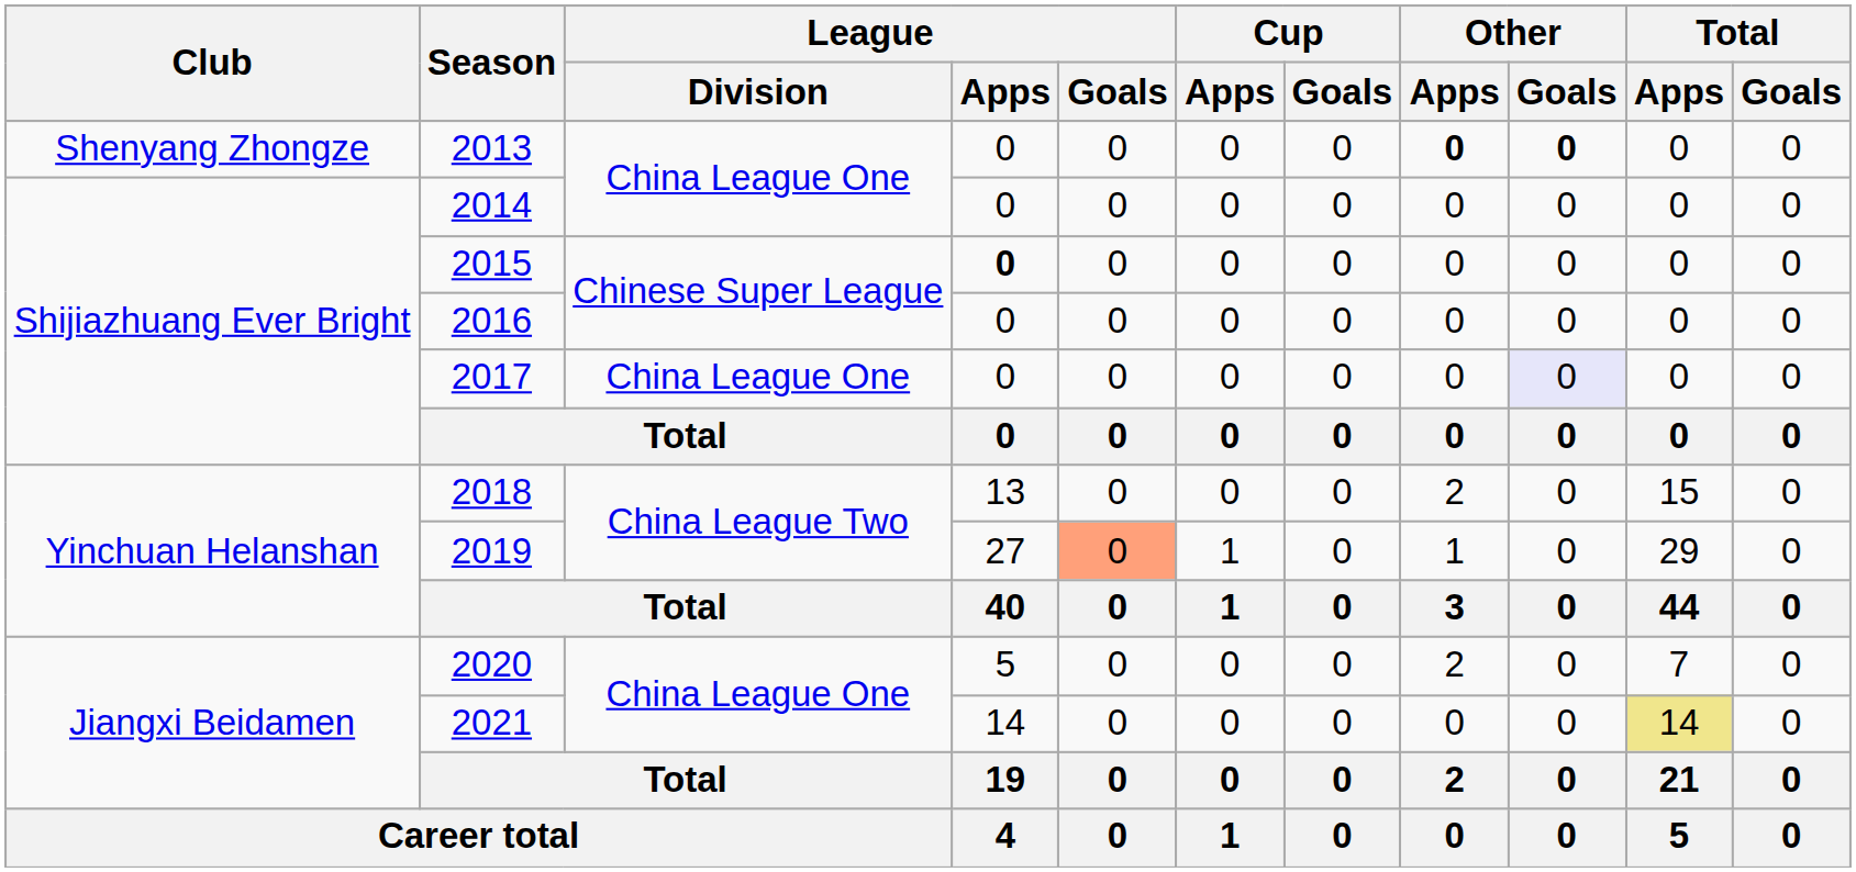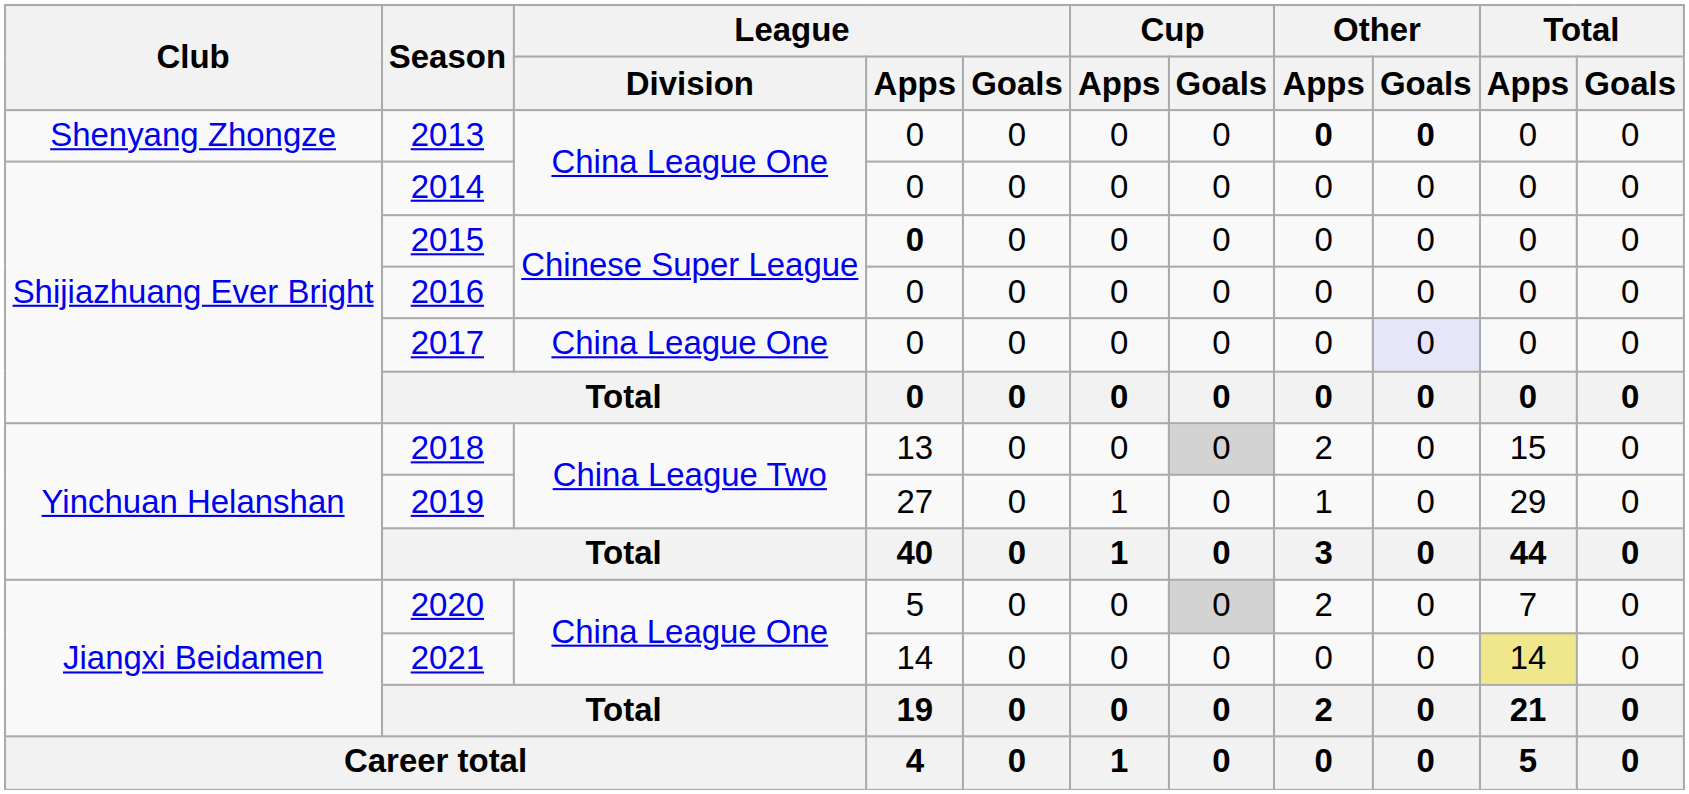 <table class="wikitable" style="text-align: center">
 <tr>
 <th rowspan="2">Club</th>
 <th rowspan="2">Season</th>
 <th colspan="3">League</th>
 <th colspan="2">Cup</th>
 <th colspan="2">Other</th>
 <th colspan="2">Total</th>
 </tr>
 <tr>
 <th>Division</th>
 <th>Apps</th>
 <th>Goals</th>
 <th>Apps</th>
 <th>Goals</th>
 <th>Apps</th>
 <th>Goals</th>
 <th>Apps</th>
 <th>Goals</th>
 </tr>
 <tr>
 <td><a href='#'>Shenyang Zhongze</a></td>
 <td><a href='#'>2013</a></td>
 <td rowspan="2"><a href='#'>China League One</a></td>
 <td>0</td>
 <td>0</td>
 <td>0</td>
 <td>0</td>
 <td><strong>0</strong></td>
 <td><strong>0</strong></td>
 <td>0</td>
 <td>0</td>
 </tr>
 <tr>
 <td rowspan="5"><a href='#'>Shijiazhuang Ever Bright</a></td>
 <td><a href='#'>2014</a></td>
 <td>0</td>
 <td>0</td>
 <td>0</td>
 <td>0</td>
 <td>0</td>
 <td>0</td>
 <td>0</td>
 <td>0</td>
 </tr>
 <tr>
 <td><a href='#'>2015</a></td>
 <td rowspan="2"><a href='#'>Chinese Super League</a></td>
 <td><strong>0</strong></td>
 <td>0</td>
 <td>0</td>
 <td>0</td>
 <td>0</td>
 <td>0</td>
 <td>0</td>
 <td>0</td>
 </tr>
 <tr>
 <td><a href='#'>2016</a></td>
 <td>0</td>
 <td>0</td>
 <td>0</td>
 <td>0</td>
 <td>0</td>
 <td>0</td>
 <td>0</td>
 <td>0</td>
 </tr>
 <tr>
 <td><a href='#'>2017</a></td>
 <td><a href='#'>China League One</a></td>
 <td>0</td>
 <td>0</td>
 <td>0</td>
 <td>0</td>
 <td>0</td>
 <td style="background: lavender;">0</td>
 <td>0</td>
 <td>0</td>
 </tr>
 <tr>
 <th colspan=2>Total</th>
 <th>0</th>
 <th>0</th>
 <th>0</th>
 <th>0</th>
 <th>0</th>
 <th>0</th>
 <th>0</th>
 <th>0</th>
 </tr>
 <tr>
 <td rowspan="3"><a href='#'>Yinchuan Helanshan</a></td>
 <td><a href='#'>2018</a></td>
 <td rowspan="2"><a href='#'>China League Two</a></td>
 <td>13</td>
 <td>0</td>
 <td>0</td>
-<td>0</td>
+<td style="background: lightgrey;">0</td>
 <td>2</td>
 <td>0</td>
 <td>15</td>
 <td>0</td>
 </tr>
 <tr>
 <td><a href='#'>2019</a></td>
 <td>27</td>
-<td style="background: lightsalmon;">0</td>
+<td>0</td>
 <td>1</td>
 <td>0</td>
 <td>1</td>
 <td>0</td>
 <td>29</td>
 <td>0</td>
 </tr>
 <tr>
 <th colspan=2>Total</th>
 <th>40</th>
 <th>0</th>
 <th>1</th>
 <th>0</th>
 <th>3</th>
 <th>0</th>
 <th>44</th>
 <th>0</th>
 </tr>
 <tr>
 <td rowspan="3"><a href='#'>Jiangxi Beidamen</a></td>
 <td><a href='#'>2020</a></td>
 <td rowspan="2"><a href='#'>China League One</a></td>
 <td>5</td>
 <td>0</td>
 <td>0</td>
-<td>0</td>
+<td style="background: lightgrey;">0</td>
 <td>2</td>
 <td>0</td>
 <td>7</td>
 <td>0</td>
 </tr>
 <tr>
 <td><a href='#'>2021</a></td>
 <td>14</td>
 <td>0</td>
 <td>0</td>
 <td>0</td>
 <td>0</td>
 <td>0</td>
 <td style="background: khaki;">14</td>
 <td>0</td>
 </tr>
 <tr>
 <th colspan=2>Total</th>
 <th>19</th>
 <th>0</th>
 <th>0</th>
 <th>0</th>
 <th>2</th>
 <th>0</th>
 <th>21</th>
 <th>0</th>
 </tr>
 <tr>
 <th colspan=3>Career total</th>
 <th>4</th>
 <th>0</th>
 <th>1</th>
 <th>0</th>
 <th>0</th>
 <th>0</th>
 <th>5</th>
 <th>0</th>
 </tr>
 </table>
